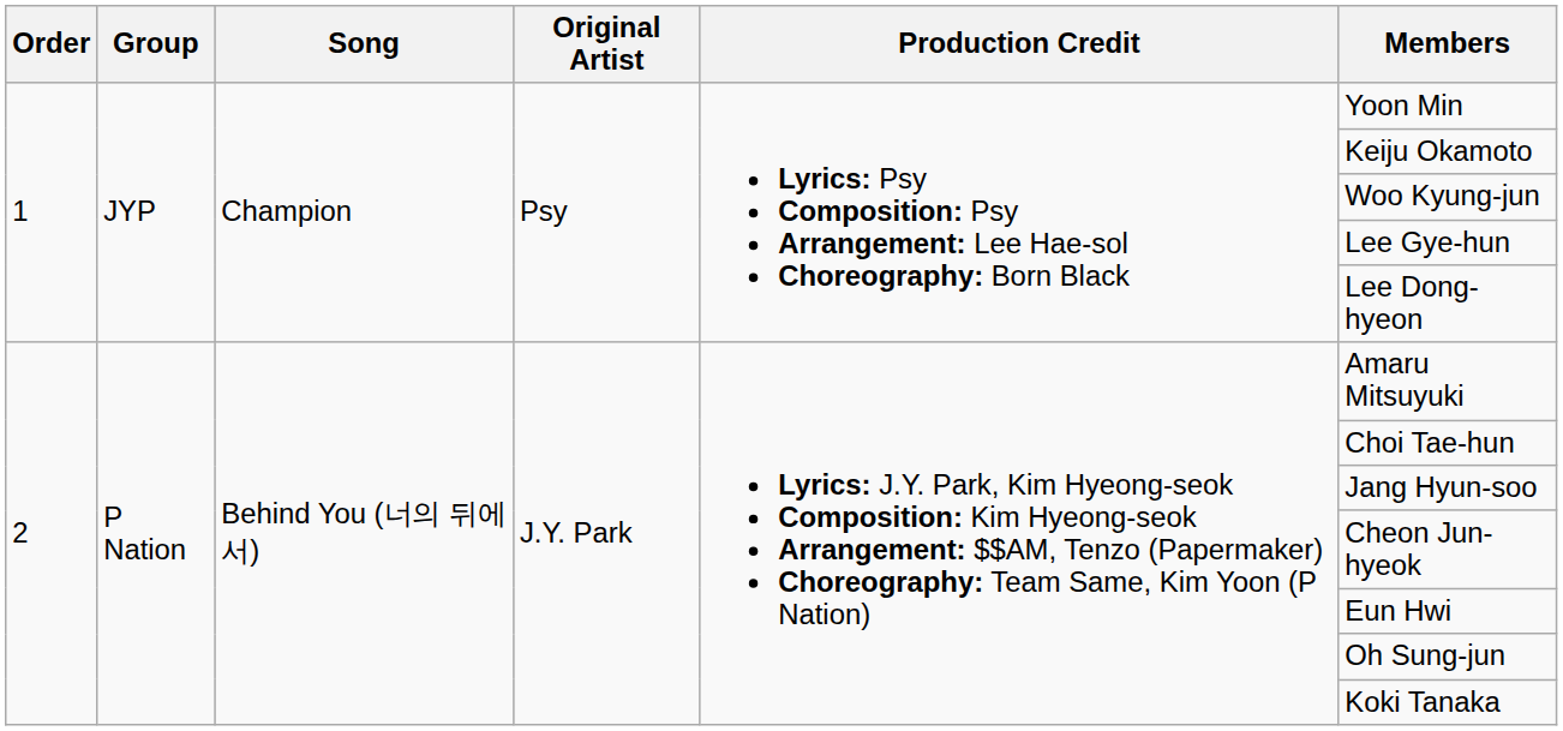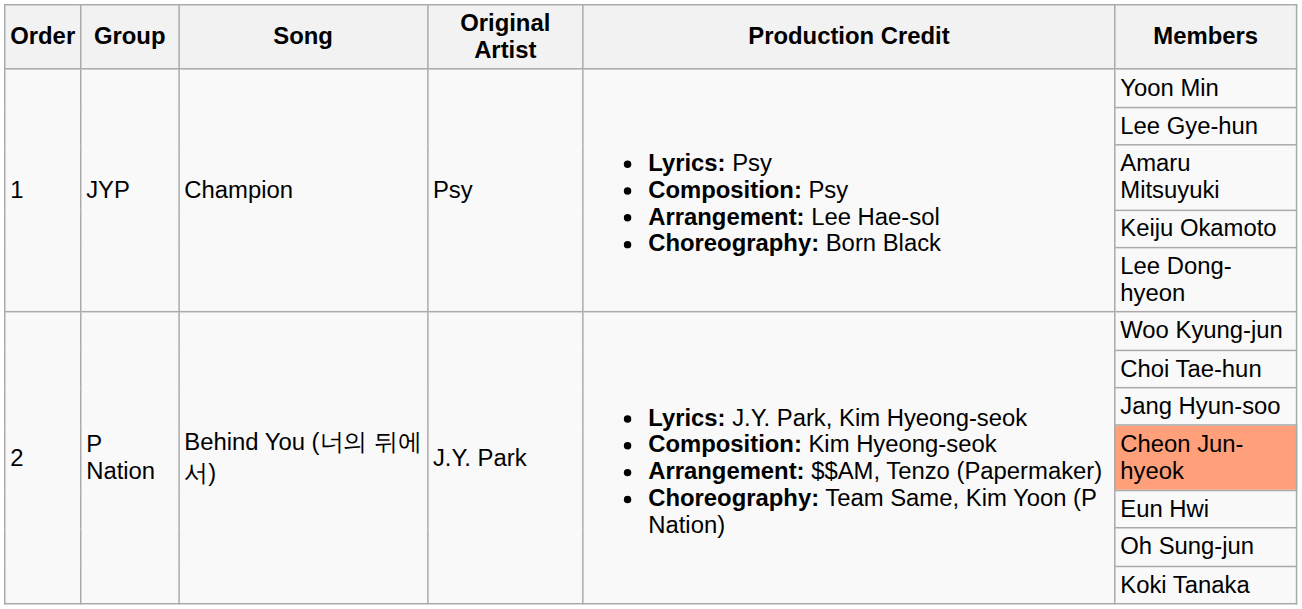 <table class="wikitable">
 <tr>
 <th>Order</th>
 <th>Group</th>
 <th>Song</th>
 <th>Original Artist</th>
 <th>Production Credit</th>
 <th>Members</th>
 </tr>
 <tr>
 <td rowspan="5">1</td>
 <td rowspan="5">JYP</td>
 <td rowspan="5">Champion</td>
 <td rowspan="5">Psy</td>
 <td rowspan="5"><br><ul><li><strong>Lyrics:</strong> Psy</li><li><strong>Composition:</strong> Psy</li><li><strong>Arrangement:</strong> Lee Hae-sol</li><li><strong>Choreography:</strong> Born Black</li></ul></td>
 <td>Yoon Min</td>
 </tr>
 <tr>
-<td>Keiju Okamoto</td>
+<td>Lee Gye-hun</td>
 </tr>
 <tr>
-<td>Woo Kyung-jun</td>
+<td>Amaru Mitsuyuki</td>
 </tr>
 <tr>
-<td>Lee Gye-hun</td>
+<td>Keiju Okamoto</td>
 </tr>
 <tr>
 <td>Lee Dong-hyeon</td>
 </tr>
 <tr>
 <td rowspan="7">2</td>
 <td rowspan="7">P Nation</td>
 <td rowspan="7">Behind You (너의 뒤에서)</td>
 <td rowspan="7">J.Y. Park</td>
 <td rowspan="7"><br><ul><li><strong>Lyrics:</strong> J.Y. Park, Kim Hyeong-seok</li><li><strong>Composition:</strong> Kim Hyeong-seok</li><li><strong>Arrangement:</strong> $$AM, Tenzo (Papermaker)</li><li><strong>Choreography:</strong> Team Same, Kim Yoon (P Nation)</li></ul></td>
-<td>Amaru Mitsuyuki</td>
+<td>Woo Kyung-jun</td>
 </tr>
 <tr>
 <td>Choi Tae-hun</td>
 </tr>
 <tr>
 <td>Jang Hyun-soo</td>
 </tr>
 <tr>
-<td>Cheon Jun-hyeok</td>
+<td style="background: lightsalmon;">Cheon Jun-hyeok</td>
 </tr>
 <tr>
 <td>Eun Hwi</td>
 </tr>
 <tr>
 <td>Oh Sung-jun</td>
 </tr>
 <tr>
 <td>Koki Tanaka</td>
 </tr>
 </table>
